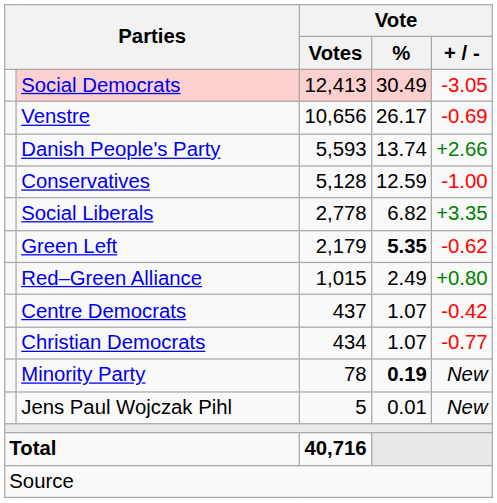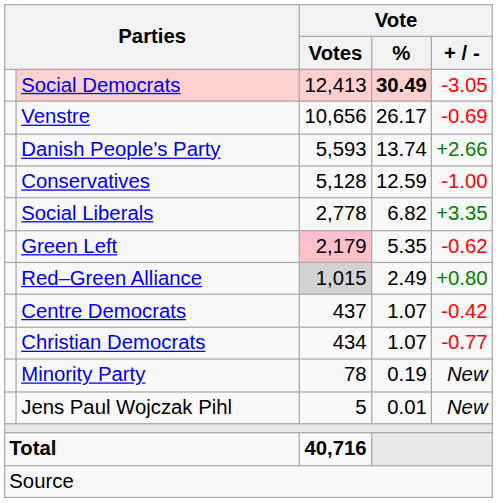 <table class="wikitable" style="text-align:right;">
 <tr>
 <th style="text-align:centre;" rowspan="2" colspan="2" width="225">Parties</th>
 <th colspan="3">Vote</th>
 </tr>
 <tr>
 <th width="15">Votes</th>
 <th width="15">%</th>
 <th width="15">+ / -</th>
 </tr>
 <tr>
 <td width="2" style="color:inherit;background:"></td>
 <td bgcolor=#fbd0ce  align="left"><a href='#'>Social Democrats</a></td>
 <td bgcolor=#fbd0ce>12,413</td>
-<td bgcolor=#fbd0ce>30.49</td>
+<td bgcolor=#fbd0ce><strong>30.49</strong></td>
 <td style=color:red;>-3.05</td>
 </tr>
 <tr>
 <td width="2" style="color:inherit;background:"></td>
 <td align="left"><a href='#'>Venstre</a></td>
 <td>10,656</td>
 <td>26.17</td>
 <td style=color:red;>-0.69</td>
 </tr>
 <tr>
 <td width="2" style="color:inherit;background:"></td>
 <td align="left"><a href='#'>Danish People's Party</a></td>
 <td>5,593</td>
 <td>13.74</td>
 <td style=color:green;>+2.66</td>
 </tr>
 <tr>
 <td width="2" style="color:inherit;background:"></td>
 <td align="left"><a href='#'>Conservatives</a></td>
 <td>5,128</td>
 <td>12.59</td>
 <td style=color:red;>-1.00</td>
 </tr>
 <tr>
 <td width="2" style="color:inherit;background:"></td>
 <td align="left"><a href='#'>Social Liberals</a></td>
 <td>2,778</td>
 <td>6.82</td>
 <td style=color:green;>+3.35</td>
 </tr>
 <tr>
 <td width="2" style="color:inherit;background:"></td>
 <td align="left"><a href='#'>Green Left</a></td>
-<td>2,179</td>
-<td><strong>5.35</strong></td>
+<td style="background: pink;">2,179</td>
+<td>5.35</td>
 <td style=color:red;>-0.62</td>
 </tr>
 <tr>
 <td width="2" style="color:inherit;background:"></td>
 <td align="left"><a href='#'>Red–Green Alliance</a></td>
-<td>1,015</td>
+<td style="background: lightgrey;">1,015</td>
 <td>2.49</td>
 <td style=color:green;>+0.80</td>
 </tr>
 <tr>
 <td width="2" style="color:inherit;background:"></td>
 <td align="left"><a href='#'>Centre Democrats</a></td>
 <td>437</td>
 <td>1.07</td>
 <td style=color:red;>-0.42</td>
 </tr>
 <tr>
 <td width="2" style="color:inherit;background:"></td>
 <td align="left"><a href='#'>Christian Democrats</a></td>
 <td>434</td>
 <td>1.07</td>
 <td style=color:red;>-0.77</td>
 </tr>
 <tr>
 <td width="2" style="color:inherit;background:"></td>
 <td align="left"><a href='#'>Minority Party</a></td>
 <td>78</td>
-<td><strong>0.19</strong></td>
+<td>0.19</td>
 <td><em>New</em></td>
 </tr>
 <tr>
 <td width="2" style="color:inherit;background:"></td>
 <td align="left">Jens Paul Wojczak Pihl</td>
 <td>5</td>
 <td>0.01</td>
 <td><em>New</em></td>
 </tr>
 <tr>
 <td colspan="7" bgcolor="#E9E9E9"></td>
 </tr>
 <tr>
 <td align="left" colspan="2"><strong>Total</strong></td>
 <td><strong>40,716</strong></td>
 <td bgcolor="#E9E9E9" colspan="2"></td>
 </tr>
 <tr>
 <td align="left" colspan="6">Source</td>
 </tr>
 </table>
